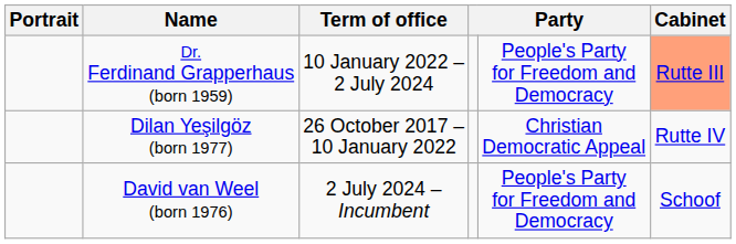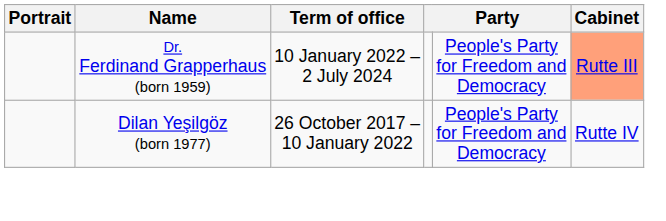 <table class="wikitable" style="text-align:center">
 <tr>
 <th>Portrait</th>
 <th>Name</th>
 <th>Term of office</th>
 <th colspan=2>Party</th>
 <th>Cabinet</th>
 </tr>
 <tr>
 <td></td>
 <td><small><a href='#'>Dr.</a></small> <br> <a href='#'>Ferdinand Grapperhaus</a> <br> <small>(born 1959)</small></td>
 <td>10 January 2022 – <br> 2 July 2024</td>
 <td style="background:"></td>
 <td><a href='#'>People's Party <br> for Freedom and <br> Democracy</a></td>
 <td style="background: lightsalmon;"><a href='#'>Rutte III</a> <br></td>
 </tr>
 <tr>
 <td></td>
 <td><a href='#'>Dilan Yeşilgöz</a> <br> <small>(born 1977)</small></td>
 <td>26 October 2017 – <br> 10 January 2022</td>
 <td style="background:"></td>
-<td><a href='#'>Christian <br> Democratic Appeal</a></td>
+<td><a href='#'>People's Party <br> for Freedom and <br> Democracy</a></td>
 <td><a href='#'>Rutte IV</a> <br></td>
 </tr>
-<tr>
-<td></td>
-<td><a href='#'>David van Weel</a> <br> <small>(born 1976)</small></td>
-<td>2 July 2024 – <br> <em>Incumbent</em></td>
-<td style="background:"></td>
-<td><a href='#'>People's Party <br> for Freedom and <br> Democracy</a></td>
-<td><a href='#'>Schoof</a> <br></td>
-</tr>
 </table>
